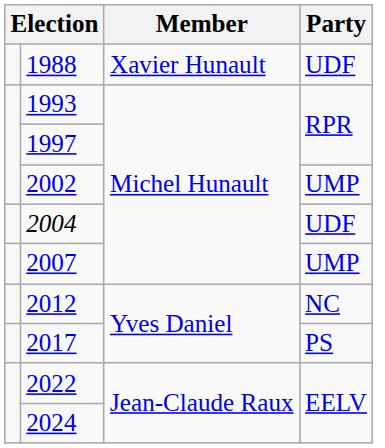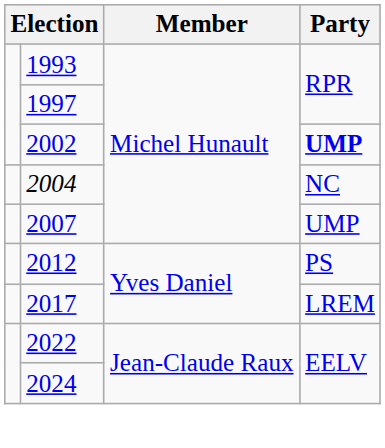 <table class="wikitable">
 <tr>
 <th colspan="2">Election</th>
 <th>Member</th>
 <th>Party</th>
-</tr>
-<tr>
-<td style="color:inherit;background-color: "></td>
-<td><a href='#'>1988</a></td>
-<td><a href='#'>Xavier Hunault</a></td>
-<td><a href='#'>UDF</a></td>
 </tr>
 <tr>
 <td rowspan="3" style="color:inherit;background-color: "></td>
 <td><a href='#'>1993</a></td>
 <td rowspan="5"><a href='#'>Michel Hunault</a></td>
 <td rowspan="2"><a href='#'>RPR</a></td>
 </tr>
 <tr>
 <td><a href='#'>1997</a></td>
 </tr>
 <tr>
 <td><a href='#'>2002</a></td>
-<td><a href='#'>UMP</a></td>
+<td><strong><a href='#'>UMP</a></strong></td>
 </tr>
 <tr>
 <td style="color:inherit;background-color: "></td>
 <td><em>2004</em></td>
-<td><a href='#'>UDF</a></td>
+<td><a href='#'>NC</a></td>
 </tr>
 <tr>
 <td style="color:inherit;background-color: "></td>
 <td><a href='#'>2007</a></td>
 <td><a href='#'>UMP</a></td>
 </tr>
 <tr>
 <td style="color:inherit;background-color: "></td>
 <td><a href='#'>2012</a></td>
 <td rowspan="2"><a href='#'>Yves Daniel</a></td>
-<td><a href='#'>NC</a></td>
+<td><a href='#'>PS</a></td>
 </tr>
 <tr>
 <td style="color:inherit;background-color: "></td>
 <td><a href='#'>2017</a></td>
-<td><a href='#'>PS</a></td>
+<td><a href='#'>LREM</a></td>
 </tr>
 <tr>
 <td rowspan="2" style="color:inherit;background-color: "></td>
 <td><a href='#'>2022</a></td>
 <td rowspan="2"><a href='#'>Jean-Claude Raux</a></td>
 <td rowspan="2"><a href='#'>EELV</a></td>
 </tr>
 <tr>
 <td><a href='#'>2024</a></td>
 </tr>
 </table>
